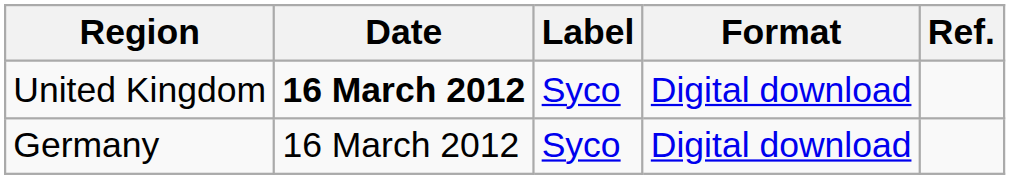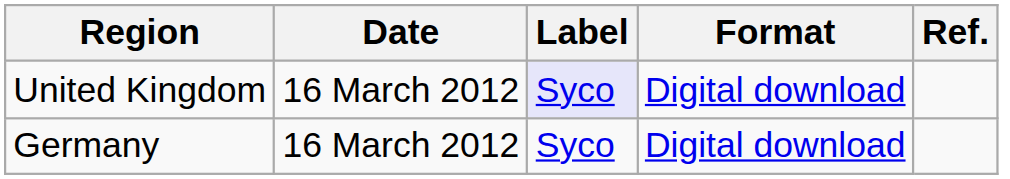 <table class="wikitable">
 <tr>
 <th>Region</th>
 <th>Date</th>
 <th>Label</th>
 <th>Format</th>
 <th>Ref.</th>
 </tr>
 <tr>
 <td>United Kingdom</td>
-<td><strong>16 March 2012</strong></td>
-<td><a href='#'>Syco</a></td>
+<td>16 March 2012</td>
+<td style="background: lavender;"><a href='#'>Syco</a></td>
 <td><a href='#'>Digital download</a></td>
 <td align="center"></td>
 </tr>
 <tr>
 <td>Germany</td>
 <td>16 March 2012</td>
 <td><a href='#'>Syco</a></td>
 <td><a href='#'>Digital download</a></td>
 </tr>
 </table>
